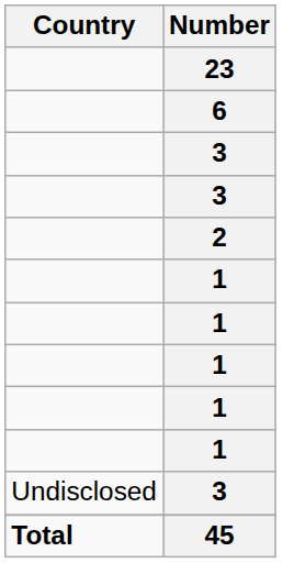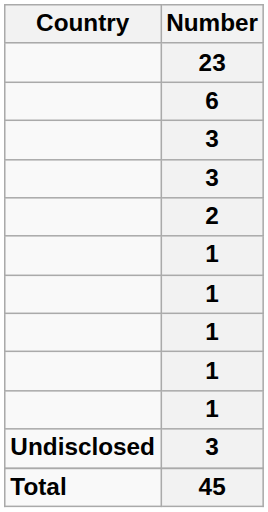 <table class="wikitable centre sortable">
 <tr>
 <th>Country</th>
 <th>Number</th>
 </tr>
 <tr>
 <td></td>
 <th>23</th>
 </tr>
 <tr>
 <td></td>
 <th>6</th>
 </tr>
 <tr>
 <td></td>
 <th>3</th>
 </tr>
 <tr>
 <td></td>
 <th>3</th>
 </tr>
 <tr>
 <td></td>
 <th>2</th>
 </tr>
 <tr>
 <td></td>
 <th>1</th>
 </tr>
 <tr>
 <td></td>
 <th>1</th>
 </tr>
 <tr>
 <td></td>
 <th>1</th>
 </tr>
 <tr>
 <td></td>
 <th>1</th>
 </tr>
 <tr>
 <td></td>
 <th>1</th>
 </tr>
 <tr>
-<td>Undisclosed</td>
+<td><strong>Undisclosed</strong></td>
 <th>3</th>
 </tr>
 <tr>
 </tr>
 <tr class="sortbottom">
 <td><strong>Total</strong></td>
 <th>45</th>
 </tr>
 </table>
